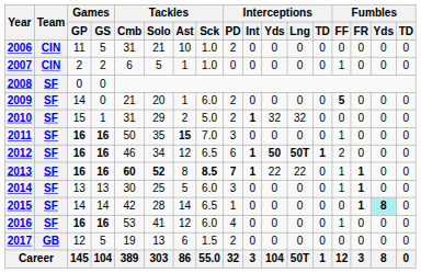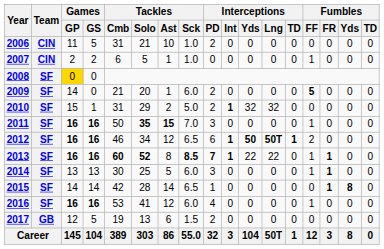 <table class="wikitable" style="text-align:center;">
 <tr>
 <th rowspan="2">Year</th>
 <th rowspan="2">Team</th>
 <th colspan="2">Games</th>
 <th colspan="4">Tackles</th>
 <th colspan="5">Interceptions</th>
 <th colspan="4">Fumbles</th>
 </tr>
 <tr>
 <th>GP</th>
 <th>GS</th>
 <th>Cmb</th>
 <th>Solo</th>
 <th>Ast</th>
 <th>Sck</th>
 <th>PD</th>
 <th>Int</th>
 <th>Yds</th>
 <th>Lng</th>
 <th>TD</th>
 <th>FF</th>
 <th>FR</th>
 <th>Yds</th>
 <th>TD</th>
 </tr>
 <tr>
 <th><a href='#'>2006</a></th>
 <th><a href='#'>CIN</a></th>
 <td>11</td>
 <td>5</td>
 <td>31</td>
 <td>21</td>
 <td>10</td>
 <td>1.0</td>
 <td>2</td>
 <td>0</td>
 <td>0</td>
 <td>0</td>
 <td>0</td>
 <td>0</td>
 <td>0</td>
 <td>0</td>
 <td>0</td>
 </tr>
 <tr>
 <th><a href='#'>2007</a></th>
 <th><a href='#'>CIN</a></th>
 <td>2</td>
 <td>2</td>
 <td>6</td>
 <td>5</td>
 <td>1</td>
 <td>1.0</td>
 <td>0</td>
 <td>0</td>
 <td>0</td>
 <td>0</td>
 <td>0</td>
 <td>1</td>
 <td>0</td>
 <td>0</td>
 <td>0</td>
 </tr>
 <tr>
 <th><a href='#'>2008</a></th>
 <th><a href='#'>SF</a></th>
-<td>0</td>
+<td style="background: gold;">0</td>
 <td>0</td>
 <td colspan="13"></td>
 </tr>
 <tr>
 <th><a href='#'>2009</a></th>
 <th><a href='#'>SF</a></th>
 <td>14</td>
 <td>0</td>
 <td>21</td>
 <td>20</td>
 <td>1</td>
 <td>6.0</td>
 <td>2</td>
 <td>0</td>
 <td>0</td>
 <td>0</td>
 <td>0</td>
 <td><strong>5</strong></td>
 <td>0</td>
 <td>0</td>
 <td>0</td>
 </tr>
 <tr>
 <th><a href='#'>2010</a></th>
 <th><a href='#'>SF</a></th>
 <td>15</td>
 <td>1</td>
 <td>31</td>
 <td>29</td>
 <td>2</td>
 <td>5.0</td>
 <td>2</td>
 <td><strong>1</strong></td>
 <td>32</td>
 <td>32</td>
 <td>0</td>
 <td>0</td>
 <td>0</td>
 <td>0</td>
 <td>0</td>
 </tr>
 <tr>
 <th><a href='#'>2011</a></th>
 <th><a href='#'>SF</a></th>
 <td><strong>16</strong></td>
 <td><strong>16</strong></td>
 <td>50</td>
-<td>35</td>
+<td><strong>35</strong></td>
 <td><strong>15</strong></td>
 <td>7.0</td>
 <td>3</td>
 <td>0</td>
 <td>0</td>
 <td>0</td>
 <td>0</td>
 <td>1</td>
 <td>0</td>
 <td>0</td>
 <td>0</td>
 </tr>
 <tr>
 <th><a href='#'>2012</a></th>
 <th><a href='#'>SF</a></th>
 <td><strong>16</strong></td>
 <td><strong>16</strong></td>
 <td>46</td>
 <td>34</td>
 <td>12</td>
 <td>6.5</td>
 <td>6</td>
 <td><strong>1</strong></td>
 <td><strong>50</strong></td>
 <td><strong>50T</strong></td>
 <td><strong>1</strong></td>
 <td>2</td>
 <td>0</td>
 <td>0</td>
 <td>0</td>
 </tr>
 <tr>
 <th><a href='#'>2013</a></th>
 <th><a href='#'>SF</a></th>
 <td><strong>16</strong></td>
 <td><strong>16</strong></td>
 <td><strong>60</strong></td>
 <td><strong>52</strong></td>
 <td>8</td>
 <td><strong>8.5</strong></td>
 <td><strong>7</strong></td>
 <td><strong>1</strong></td>
 <td>22</td>
 <td>22</td>
 <td>0</td>
 <td>1</td>
 <td><strong>1</strong></td>
 <td>0</td>
 <td>0</td>
 </tr>
 <tr>
 <th><a href='#'>2014</a></th>
 <th><a href='#'>SF</a></th>
 <td>13</td>
 <td>13</td>
 <td>30</td>
 <td>25</td>
 <td>5</td>
 <td>6.0</td>
 <td>3</td>
 <td>0</td>
 <td>0</td>
 <td>0</td>
 <td>0</td>
 <td>1</td>
 <td><strong>1</strong></td>
 <td>0</td>
 <td>0</td>
 </tr>
 <tr>
 <th><a href='#'>2015</a></th>
 <th><a href='#'>SF</a></th>
 <td>14</td>
 <td>14</td>
 <td>42</td>
 <td>28</td>
 <td>14</td>
 <td>6.5</td>
 <td>1</td>
 <td>0</td>
 <td>0</td>
 <td>0</td>
 <td>0</td>
 <td>0</td>
 <td><strong>1</strong></td>
-<td style="background: paleturquoise;"><strong>8</strong></td>
+<td><strong>8</strong></td>
 <td>0</td>
 </tr>
 <tr>
 <th><a href='#'>2016</a></th>
 <th><a href='#'>SF</a></th>
 <td><strong>16</strong></td>
 <td><strong>16</strong></td>
 <td>53</td>
 <td>41</td>
 <td>12</td>
 <td>6.0</td>
 <td>4</td>
 <td>0</td>
 <td>0</td>
 <td>0</td>
 <td>0</td>
 <td>1</td>
 <td>0</td>
 <td>0</td>
 <td>0</td>
 </tr>
 <tr>
 <th><a href='#'>2017</a></th>
 <th><a href='#'>GB</a></th>
 <td>12</td>
 <td>5</td>
 <td>19</td>
 <td>13</td>
 <td>6</td>
 <td>1.5</td>
 <td>2</td>
 <td>0</td>
 <td>0</td>
 <td>0</td>
 <td>0</td>
 <td>0</td>
 <td>0</td>
 <td>0</td>
 <td>0</td>
 </tr>
 <tr>
 <th colspan="2">Career</th>
 <th>145</th>
 <th>104</th>
 <th>389</th>
 <th>303</th>
 <th>86</th>
 <th>55.0</th>
 <th>32</th>
 <th>3</th>
 <th>104</th>
 <th>50T</th>
 <th>1</th>
 <th>12</th>
 <th>3</th>
 <th>8</th>
 <th>0</th>
 </tr>
 </table>
